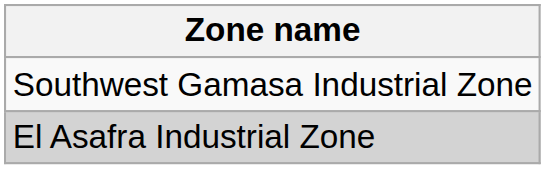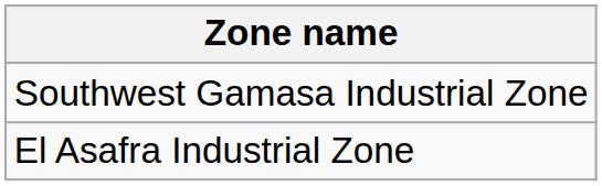 <table class="wikitable">
 <tr>
 <th>Zone name</th>
 </tr>
 <tr>
 <td rowspan="1">Southwest Gamasa Industrial Zone</td>
 </tr>
 <tr>
-<td rowspan="1" style="background: lightgrey;">El Asafra Industrial Zone</td>
+<td rowspan="1">El Asafra Industrial Zone</td>
 </tr>
 </table>
